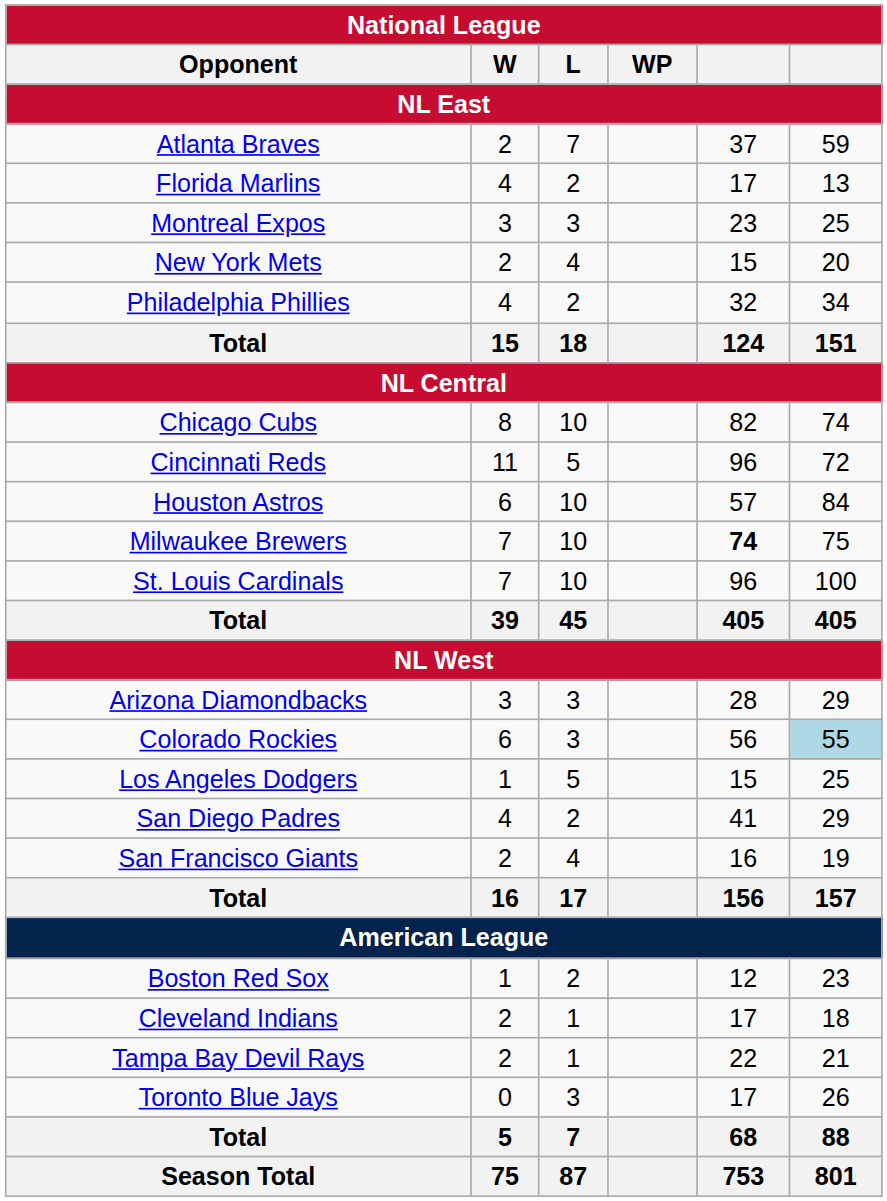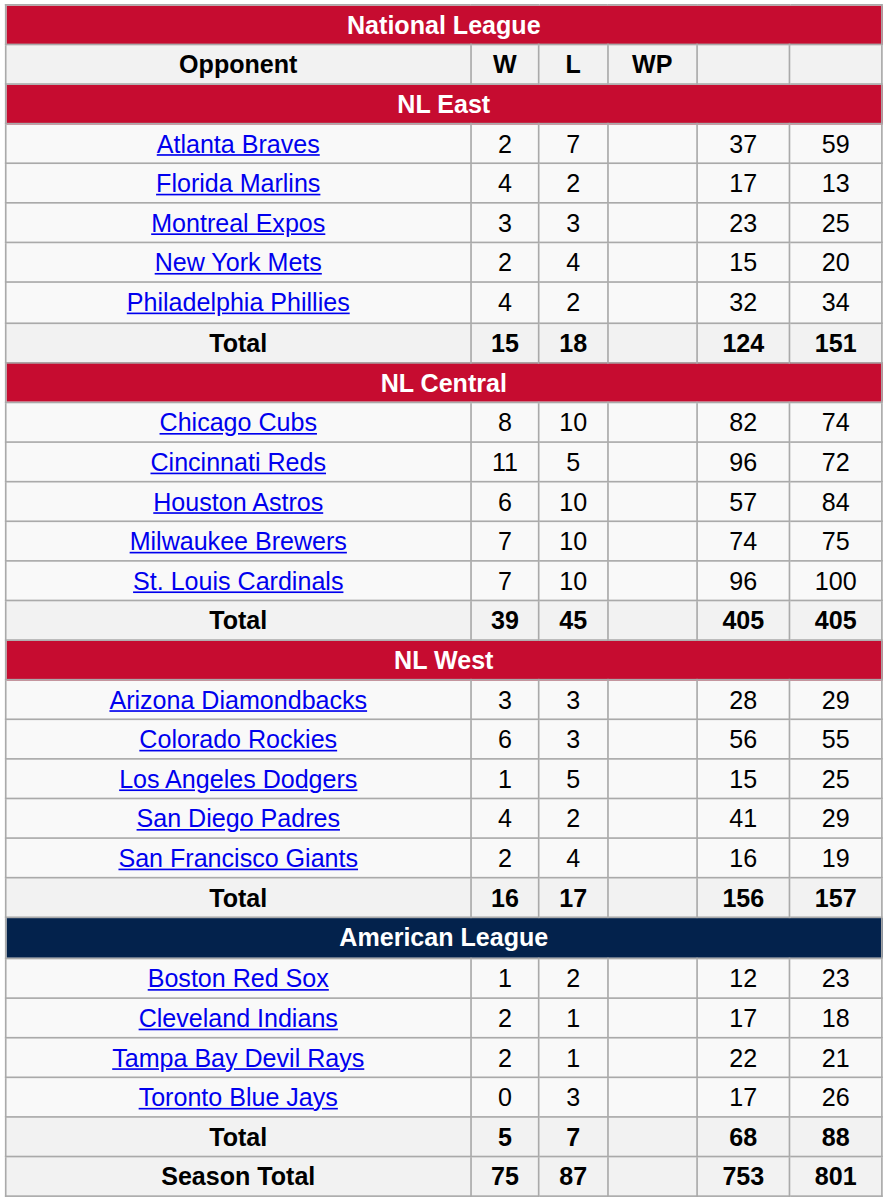 <table class="wikitable" style="font-size:95%; text-align:center; width:35em;margin: 0.5em auto;">
 <tr>
 <td colspan="7" style="background:#c60c30;color:#fff"><strong>National League</strong></td>
 </tr>
 <tr>
 <th>Opponent</th>
 <th>W</th>
 <th>L</th>
 <th>WP</th>
 <th></th>
 <th></th>
 </tr>
 <tr>
 <td colspan="7" style="background:#c60c30;color:#fff"><strong>NL East</strong></td>
 </tr>
 <tr>
 <td><a href='#'>Atlanta Braves</a></td>
 <td>2</td>
 <td>7</td>
 <td></td>
 <td>37</td>
 <td>59</td>
 </tr>
 <tr>
 <td><a href='#'>Florida Marlins</a></td>
 <td>4</td>
 <td>2</td>
 <td></td>
 <td>17</td>
 <td>13</td>
 </tr>
 <tr>
 <td><a href='#'>Montreal Expos</a></td>
 <td>3</td>
 <td>3</td>
 <td></td>
 <td>23</td>
 <td>25</td>
 </tr>
 <tr>
 <td><a href='#'>New York Mets</a></td>
 <td>2</td>
 <td>4</td>
 <td></td>
 <td>15</td>
 <td>20</td>
 </tr>
 <tr>
 <td><a href='#'>Philadelphia Phillies</a></td>
 <td>4</td>
 <td>2</td>
 <td></td>
 <td>32</td>
 <td>34</td>
 </tr>
 <tr>
 <th>Total</th>
 <th>15</th>
 <th>18</th>
 <th></th>
 <th>124</th>
 <th>151</th>
 </tr>
 <tr>
 <td colspan="7" style="background:#c60c30;color:#fff"><strong>NL Central</strong></td>
 </tr>
 <tr>
 <td><a href='#'>Chicago Cubs</a></td>
 <td>8</td>
 <td>10</td>
 <td></td>
 <td>82</td>
 <td>74</td>
 </tr>
 <tr>
 <td><a href='#'>Cincinnati Reds</a></td>
 <td>11</td>
 <td>5</td>
 <td></td>
 <td>96</td>
 <td>72</td>
 </tr>
 <tr>
 <td><a href='#'>Houston Astros</a></td>
 <td>6</td>
 <td>10</td>
 <td></td>
 <td>57</td>
 <td>84</td>
 </tr>
 <tr>
 <td><a href='#'>Milwaukee Brewers</a></td>
 <td>7</td>
 <td>10</td>
 <td></td>
-<td><strong>74</strong></td>
+<td>74</td>
 <td>75</td>
 </tr>
 <tr>
 <td><a href='#'>St. Louis Cardinals</a></td>
 <td>7</td>
 <td>10</td>
 <td></td>
 <td>96</td>
 <td>100</td>
 </tr>
 <tr>
 <th>Total</th>
 <th>39</th>
 <th>45</th>
 <th></th>
 <th>405</th>
 <th>405</th>
 </tr>
 <tr>
 <td colspan="7" style="background:#c60c30;color:#fff"><strong>NL West</strong></td>
 </tr>
 <tr>
 <td><a href='#'>Arizona Diamondbacks</a></td>
 <td>3</td>
 <td>3</td>
 <td></td>
 <td>28</td>
 <td>29</td>
 </tr>
 <tr>
 <td><a href='#'>Colorado Rockies</a></td>
 <td>6</td>
 <td>3</td>
 <td></td>
 <td>56</td>
-<td style="background: lightblue;">55</td>
+<td>55</td>
 </tr>
 <tr>
 <td><a href='#'>Los Angeles Dodgers</a></td>
 <td>1</td>
 <td>5</td>
 <td></td>
 <td>15</td>
 <td>25</td>
 </tr>
 <tr>
 <td><a href='#'>San Diego Padres</a></td>
 <td>4</td>
 <td>2</td>
 <td></td>
 <td>41</td>
 <td>29</td>
 </tr>
 <tr>
 <td><a href='#'>San Francisco Giants</a></td>
 <td>2</td>
 <td>4</td>
 <td></td>
 <td>16</td>
 <td>19</td>
 </tr>
 <tr>
 <th>Total</th>
 <th>16</th>
 <th>17</th>
 <th></th>
 <th>156</th>
 <th>157</th>
 </tr>
 <tr>
 <td colspan="7" style="background:#03224c;color:#fff"><strong>American League</strong></td>
 </tr>
 <tr>
 <td><a href='#'>Boston Red Sox</a></td>
 <td>1</td>
 <td>2</td>
 <td></td>
 <td>12</td>
 <td>23</td>
 </tr>
 <tr>
 <td><a href='#'>Cleveland Indians</a></td>
 <td>2</td>
 <td>1</td>
 <td></td>
 <td>17</td>
 <td>18</td>
 </tr>
 <tr>
 <td><a href='#'>Tampa Bay Devil Rays</a></td>
 <td>2</td>
 <td>1</td>
 <td></td>
 <td>22</td>
 <td>21</td>
 </tr>
 <tr>
 <td><a href='#'>Toronto Blue Jays</a></td>
 <td>0</td>
 <td>3</td>
 <td></td>
 <td>17</td>
 <td>26</td>
 </tr>
 <tr>
 <th>Total</th>
 <th>5</th>
 <th>7</th>
 <th></th>
 <th>68</th>
 <th>88</th>
 </tr>
 <tr>
 <th>Season Total</th>
 <th>75</th>
 <th>87</th>
 <th></th>
 <th>753</th>
 <th>801</th>
 </tr>
 </table>
